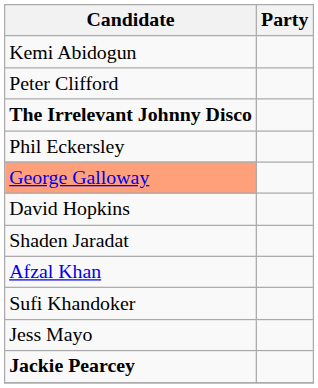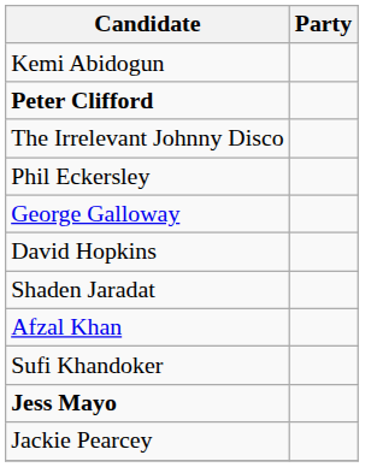 <table class="wikitable">
 <tr>
 <th>Candidate</th>
 <th colspan="2">Party</th>
 </tr>
 <tr>
 <td>Kemi Abidogun</td>
 <td></td>
 </tr>
 <tr>
-<td>Peter Clifford</td>
+<td><strong>Peter Clifford</strong></td>
 <td></td>
 </tr>
 <tr>
-<td><strong>The Irrelevant Johnny Disco</strong></td>
+<td>The Irrelevant Johnny Disco</td>
 <td></td>
 </tr>
 <tr>
 <td>Phil Eckersley</td>
 <td></td>
 </tr>
 <tr>
-<td style="background: lightsalmon;"><a href='#'>George Galloway</a></td>
+<td><a href='#'>George Galloway</a></td>
 <td></td>
 </tr>
 <tr>
 <td>David Hopkins</td>
 <td></td>
 </tr>
 <tr>
 <td>Shaden Jaradat</td>
 <td></td>
 </tr>
 <tr>
 <td><a href='#'>Afzal Khan</a></td>
 <td></td>
 </tr>
 <tr>
 <td>Sufi Khandoker</td>
 <td></td>
 </tr>
 <tr>
-<td>Jess Mayo</td>
+<td><strong>Jess Mayo</strong></td>
 <td></td>
 </tr>
 <tr>
-<td><strong>Jackie Pearcey</strong></td>
+<td>Jackie Pearcey</td>
 <td></td>
 </tr>
 <tr>
 </tr>
 </table>
